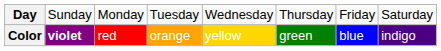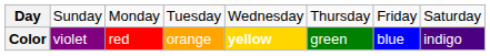 <table class="wikitable" style="margin:1em auto;">
 <tr>
 <th>Day</th>
 <td>Sunday</td>
 <td>Monday</td>
 <td>Tuesday</td>
 <td>Wednesday</td>
 <td>Thursday</td>
 <td>Friday</td>
 <td>Saturday</td>
 </tr>
 <tr>
 <th>Color</th>
-<td style="background:purple; color:white"><strong>violet</strong></td>
+<td style="background:purple; color:white">violet</td>
 <td style="background:red; color:white">red</td>
 <td style="background:orange; color:white">orange</td>
-<td style="background:gold; color:white">yellow</td>
+<td style="background:gold; color:white"><strong>yellow</strong></td>
 <td style="background:green; color:white">green</td>
 <td style="background:blue; color:white">blue</td>
 <td style="background:#4b0082; color:white">indigo</td>
 </tr>
 </table>
